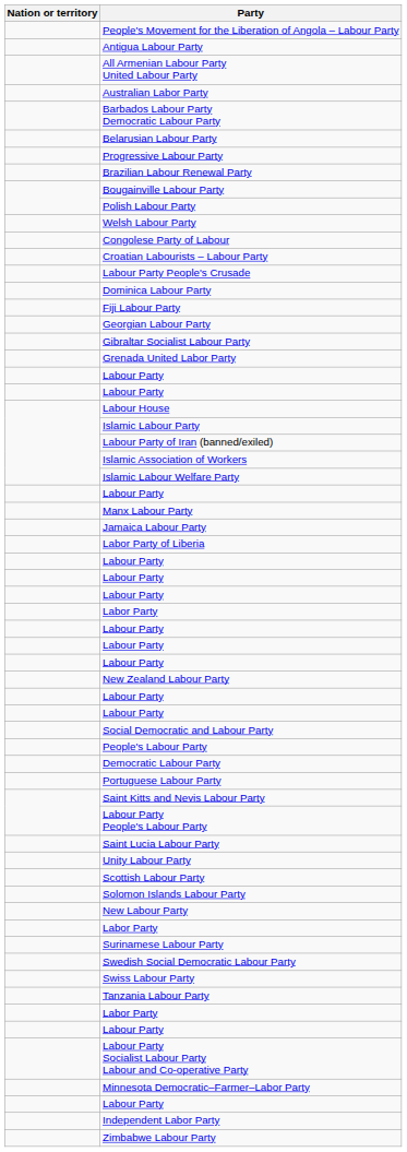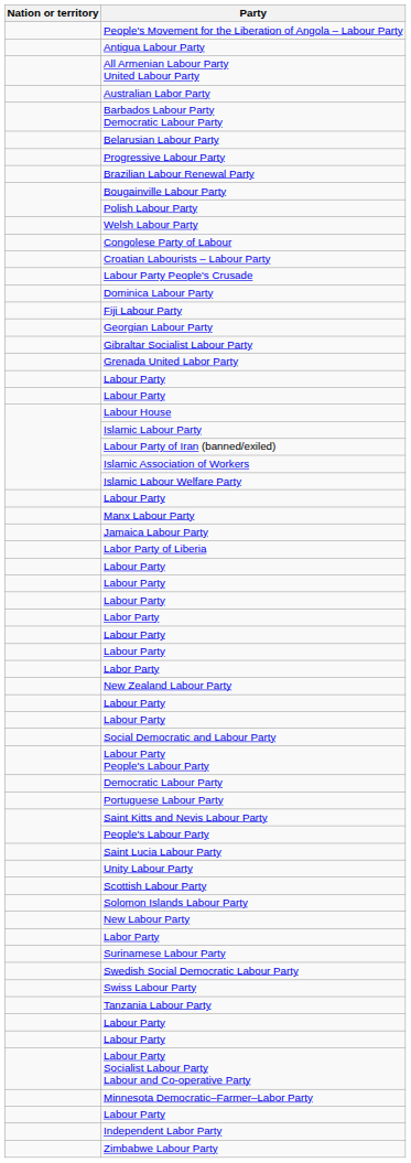 <table class="wikitable sortable">
 <tr>
 <th>Nation or territory</th>
 <th>Party</th>
 </tr>
 <tr>
 <td></td>
 <td><a href='#'>People's Movement for the Liberation of Angola – Labour Party</a></td>
 </tr>
 <tr>
 <td></td>
 <td><a href='#'>Antigua Labour Party</a></td>
 </tr>
 <tr>
 <td></td>
 <td><a href='#'>All Armenian Labour Party</a><br><a href='#'>United Labour Party</a></td>
 </tr>
 <tr>
 <td></td>
 <td><a href='#'>Australian Labor Party</a></td>
 </tr>
 <tr>
 <td></td>
 <td><a href='#'>Barbados Labour Party</a><br><a href='#'>Democratic Labour Party</a></td>
 </tr>
 <tr>
 <td></td>
 <td><a href='#'>Belarusian Labour Party</a></td>
 </tr>
 <tr>
 <td></td>
 <td><a href='#'>Progressive Labour Party</a></td>
 </tr>
 <tr>
 <td></td>
 <td><a href='#'>Brazilian Labour Renewal Party</a></td>
 </tr>
 <tr>
 <td rowspan="2"></td>
 <td><a href='#'>Bougainville Labour Party</a></td>
 </tr>
 <tr>
 <td><a href='#'>Polish Labour Party</a></td>
 </tr>
 <tr>
 <td></td>
 <td><a href='#'>Welsh Labour Party</a></td>
 </tr>
 <tr>
 <td></td>
 <td><a href='#'>Congolese Party of Labour</a></td>
 </tr>
 <tr>
 <td></td>
 <td><a href='#'>Croatian Labourists – Labour Party</a></td>
 </tr>
 <tr>
 <td></td>
 <td><a href='#'>Labour Party People's Crusade</a></td>
 </tr>
 <tr>
 <td></td>
 <td><a href='#'>Dominica Labour Party</a></td>
 </tr>
 <tr>
 <td></td>
 <td><a href='#'>Fiji Labour Party</a></td>
 </tr>
 <tr>
 <td></td>
 <td><a href='#'>Georgian Labour Party</a></td>
 </tr>
 <tr>
 <td></td>
 <td><a href='#'>Gibraltar Socialist Labour Party</a></td>
 </tr>
 <tr>
 <td></td>
 <td><a href='#'>Grenada United Labor Party</a></td>
 </tr>
 <tr>
 <td></td>
 <td><a href='#'>Labour Party</a></td>
 </tr>
 <tr>
 <td></td>
 <td><a href='#'>Labour Party</a></td>
 </tr>
 <tr>
 <td rowspan="5"></td>
 <td><a href='#'>Labour House</a></td>
 </tr>
 <tr>
 <td><a href='#'>Islamic Labour Party</a></td>
 </tr>
 <tr>
 <td><a href='#'>Labour Party of Iran</a> (banned/exiled)</td>
 </tr>
 <tr>
 <td><a href='#'>Islamic Association of Workers</a></td>
 </tr>
 <tr>
 <td><a href='#'>Islamic Labour Welfare Party</a></td>
 </tr>
 <tr>
 <td></td>
 <td><a href='#'>Labour Party</a></td>
 </tr>
 <tr>
 <td></td>
 <td><a href='#'>Manx Labour Party</a></td>
 </tr>
 <tr>
 <td></td>
 <td><a href='#'>Jamaica Labour Party</a></td>
 </tr>
 <tr>
 <td></td>
 <td><a href='#'>Labor Party of Liberia</a></td>
 </tr>
 <tr>
 <td></td>
 <td><a href='#'>Labour Party</a></td>
 </tr>
 <tr>
 <td></td>
 <td><a href='#'>Labour Party</a></td>
 </tr>
 <tr>
 <td></td>
 <td><a href='#'>Labour Party</a></td>
 </tr>
 <tr>
 <td></td>
 <td><a href='#'>Labor Party</a></td>
 </tr>
 <tr>
 <td></td>
 <td><a href='#'>Labour Party</a></td>
 </tr>
 <tr>
 <td></td>
 <td><a href='#'>Labour Party</a></td>
 </tr>
 <tr>
 <td></td>
-<td><a href='#'>Labour Party</a></td>
+<td><a href='#'>Labor Party</a></td>
 </tr>
 <tr>
 <td></td>
 <td><a href='#'>New Zealand Labour Party</a></td>
 </tr>
 <tr>
 <td></td>
 <td><a href='#'>Labour Party</a></td>
 </tr>
 <tr>
 <td></td>
 <td><a href='#'>Labour Party</a></td>
 </tr>
 <tr>
 <td></td>
 <td><a href='#'>Social Democratic and Labour Party</a></td>
 </tr>
 <tr>
 <td></td>
-<td><a href='#'>People's Labour Party</a></td>
+<td><a href='#'>Labour Party</a><br><a href='#'>People's Labour Party</a></td>
 </tr>
 <tr>
 <td></td>
 <td><a href='#'>Democratic Labour Party</a></td>
 </tr>
 <tr>
 <td></td>
 <td><a href='#'>Portuguese Labour Party</a></td>
 </tr>
 <tr>
 <td rowspan="2"></td>
 <td><a href='#'>Saint Kitts and Nevis Labour Party</a></td>
 </tr>
 <tr>
-<td><a href='#'>Labour Party</a><br><a href='#'>People's Labour Party</a></td>
+<td><a href='#'>People's Labour Party</a></td>
 </tr>
 <tr>
 <td></td>
 <td><a href='#'>Saint Lucia Labour Party</a></td>
 </tr>
 <tr>
 <td></td>
 <td><a href='#'>Unity Labour Party</a></td>
 </tr>
 <tr>
 <td></td>
 <td><a href='#'>Scottish Labour Party</a></td>
 </tr>
 <tr>
 <td></td>
 <td><a href='#'>Solomon Islands Labour Party</a></td>
 </tr>
 <tr>
 <td></td>
 <td><a href='#'>New Labour Party</a></td>
 </tr>
 <tr>
 <td></td>
 <td><a href='#'>Labor Party</a></td>
 </tr>
 <tr>
 <td></td>
 <td><a href='#'>Surinamese Labour Party</a></td>
 </tr>
 <tr>
 <td></td>
 <td><a href='#'>Swedish Social Democratic Labour Party</a></td>
 </tr>
 <tr>
 <td></td>
 <td><a href='#'>Swiss Labour Party</a></td>
 </tr>
 <tr>
 <td></td>
 <td><a href='#'>Tanzania Labour Party</a></td>
 </tr>
 <tr>
 <td></td>
-<td><a href='#'>Labor Party</a></td>
+<td><a href='#'>Labour Party</a></td>
 </tr>
 <tr>
 <td></td>
 <td><a href='#'>Labour Party</a></td>
 </tr>
 <tr>
 <td></td>
 <td><a href='#'>Labour Party</a><br><a href='#'>Socialist Labour Party</a><br><a href='#'>Labour and Co-operative Party</a></td>
 </tr>
 <tr>
 <td></td>
 <td><a href='#'>Minnesota Democratic–Farmer–Labor Party</a></td>
 </tr>
 <tr>
 <td></td>
 <td><a href='#'>Labour Party</a></td>
 </tr>
 <tr>
 <td></td>
 <td><a href='#'>Independent Labor Party</a></td>
 </tr>
 <tr>
 <td></td>
 <td><a href='#'>Zimbabwe Labour Party</a></td>
 </tr>
 </table>
